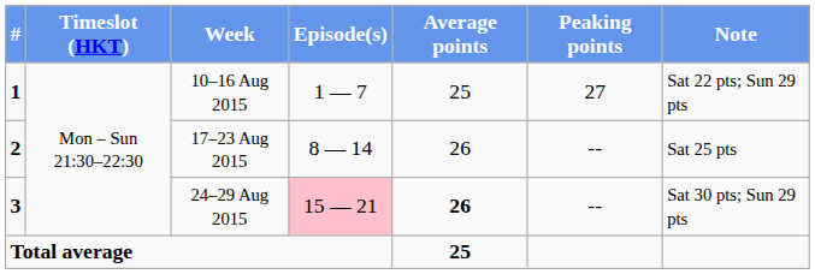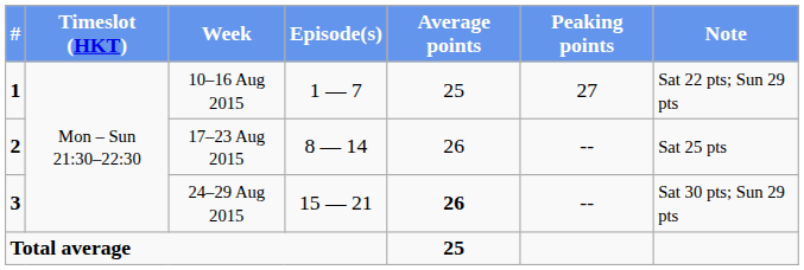 <table class="wikitable" style="text-align:center;">
 <tr>
 <th style="background:cornflowerblue; color:white">#</th>
 <th style="background:cornflowerblue; color:white">Timeslot (<a href='#'>HKT</a>)</th>
 <th style="background:cornflowerblue; color:white">Week</th>
 <th style="background:cornflowerblue; color:white">Episode(s)</th>
 <th style="background:cornflowerblue; color:white">Average points</th>
 <th style="background:cornflowerblue; color:white">Peaking points</th>
 <th style="background:cornflowerblue; color:white">Note</th>
 </tr>
 <tr>
 <td><strong>1</strong></td>
 <td rowspan="3"><small>Mon – Sun<br>21:30–22:30</small></td>
 <td><small>10–16 Aug 2015</small></td>
 <td>1 — 7</td>
 <td>25</td>
 <td>27</td>
 <td style="text-align:left;"><small>Sat 22 pts; Sun 29 pts</small></td>
 </tr>
 <tr>
 <td><strong>2</strong></td>
 <td><small>17–23 Aug 2015</small></td>
 <td>8 — 14</td>
 <td>26</td>
 <td>--</td>
 <td style="text-align:left;"><small>Sat 25 pts</small></td>
 </tr>
 <tr>
 <td><strong>3</strong></td>
 <td><small>24–29 Aug 2015</small></td>
-<td style="background: pink;">15 — 21</td>
+<td>15 — 21</td>
 <td><strong>26</strong></td>
 <td>--</td>
 <td style="text-align:left;"><small>Sat 30 pts; Sun 29 pts</small></td>
 </tr>
 <tr>
 <td colspan="4" style="text-align:left;"><strong>Total average</strong></td>
 <td><strong>25</strong></td>
 <td></td>
 <td></td>
 </tr>
 </table>
